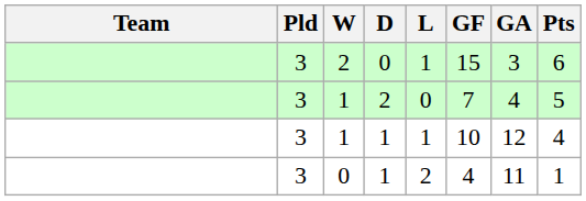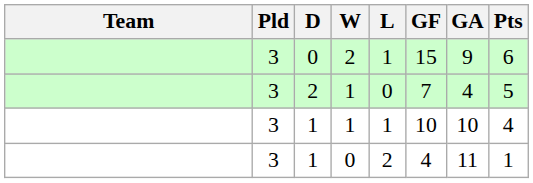 <table class="wikitable" style="text-align: center;">
 <tr>
 <th width="175">Team</th>
 <th width="20">Pld</th>
+<th width="20">D</th>
 <th width="20">W</th>
-<th width="20">D</th>
 <th width="20">L</th>
 <th width="20">GF</th>
 <th width="20">GA</th>
 <th width="20">Pts</th>
 </tr>
 <tr bgcolor="#ccffcc">
 <td style="text-align:left;"></td>
 <td>3</td>
+<td>0</td>
 <td>2</td>
-<td>0</td>
 <td>1</td>
 <td>15</td>
-<td>3</td>
+<td>9</td>
 <td>6</td>
 </tr>
 <tr align=center style="background:#ccffcc;">
 <td style="text-align:left;"></td>
 <td>3</td>
+<td>2</td>
 <td>1</td>
-<td>2</td>
 <td>0</td>
 <td>7</td>
 <td>4</td>
 <td>5</td>
 </tr>
 <tr align=center style="background:#ffffff;">
 <td style="text-align:left;"></td>
 <td>3</td>
 <td>1</td>
 <td>1</td>
 <td>1</td>
 <td>10</td>
-<td>12</td>
+<td>10</td>
 <td>4</td>
 </tr>
 <tr align=center style="background:#ffffff;">
 <td style="text-align:left;"></td>
 <td>3</td>
+<td>1</td>
 <td>0</td>
-<td>1</td>
 <td>2</td>
 <td>4</td>
 <td>11</td>
 <td>1</td>
 </tr>
 </table>
